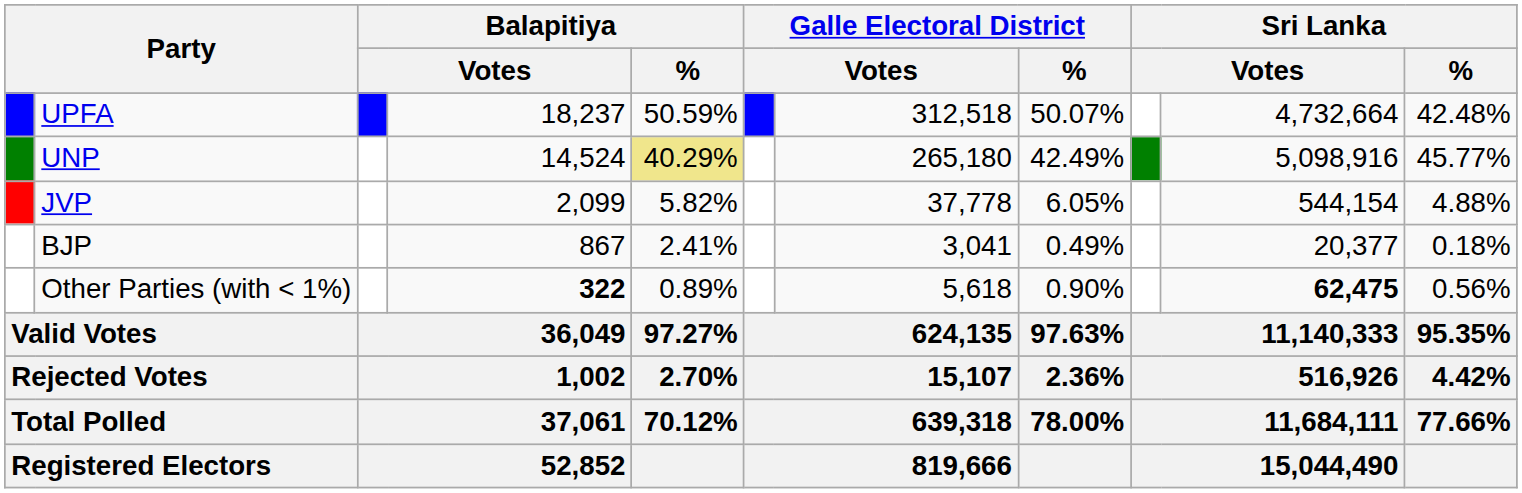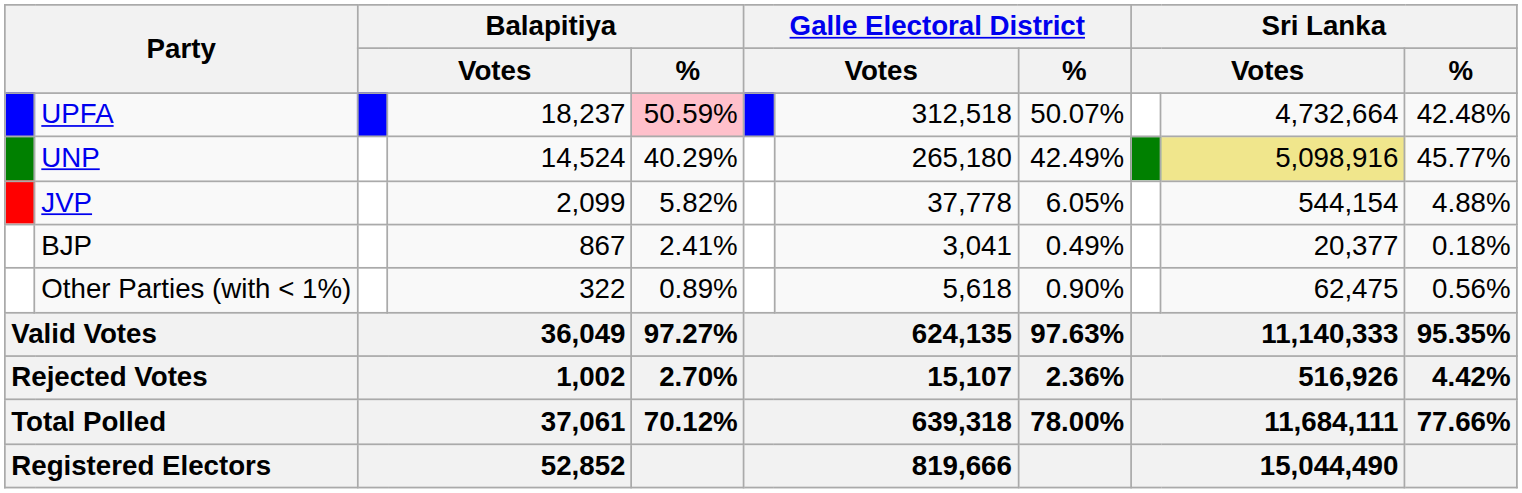 <table class="wikitable">
 <tr>
 <th colspan="2" width="144px"rowspan="2">Party</th>
 <th colspan="3" width="216px">Balapitiya</th>
 <th colspan="3" width="216px"><a href='#'>Galle Electoral District</a></th>
 <th colspan="3" width="216px">Sri Lanka</th>
 </tr>
 <tr>
 <th colspan="2" width="144px">Votes</th>
 <th>%</th>
 <th colspan="2" width="144px">Votes</th>
 <th>%</th>
 <th colspan="2" width="144px">Votes</th>
 <th>%</th>
 </tr>
 <tr>
 <td style="background-color:blue;" width="10px"></td>
 <td style="text-align:left;"><a href='#'>UPFA</a></td>
 <td style="background-color:blue;" width="10px"></td>
 <td style="text-align:right;">18,237</td>
-<td style="text-align:right;">50.59%</td>
+<td style="background: pink; text-align:right;">50.59%</td>
 <td style="background-color:blue;" width="10px"></td>
 <td style="text-align:right;">312,518</td>
 <td style="text-align:right;">50.07%</td>
 <td style="background-color:white;" width="10px"></td>
 <td style="text-align:right;">4,732,664</td>
 <td style="text-align:right;">42.48%</td>
 </tr>
 <tr>
 <td style="background-color:green;" width="10px"></td>
 <td style="text-align:left;"><a href='#'>UNP</a></td>
 <td style="background-color:white;" width="10px"></td>
 <td style="text-align:right;">14,524</td>
-<td style="background: khaki; text-align:right;">40.29%</td>
+<td style="text-align:right;">40.29%</td>
 <td style="background-color:white;" width="10px"></td>
 <td style="text-align:right;">265,180</td>
 <td style="text-align:right;">42.49%</td>
 <td style="background-color:green;" width="10px"></td>
-<td style="text-align:right;">5,098,916</td>
+<td style="background: khaki; text-align:right;">5,098,916</td>
 <td style="text-align:right;">45.77%</td>
 </tr>
 <tr>
 <td style="background-color:red;" width="10px"></td>
 <td style="text-align:left;"><a href='#'>JVP</a></td>
 <td style="background-color:white;" width="10px"></td>
 <td style="text-align:right;">2,099</td>
 <td style="text-align:right;">5.82%</td>
 <td style="background-color:white;" width="10px"></td>
 <td style="text-align:right;">37,778</td>
 <td style="text-align:right;">6.05%</td>
 <td style="background-color:white;" width="10px"></td>
 <td style="text-align:right;">544,154</td>
 <td style="text-align:right;">4.88%</td>
 </tr>
 <tr>
 <td style="background-color:white;" width="10px"></td>
 <td style="text-align:left;">BJP</td>
 <td style="background-color:white;" width="10px"></td>
 <td style="text-align:right;">867</td>
 <td style="text-align:right;">2.41%</td>
 <td style="background-color:white;" width="10px"></td>
 <td style="text-align:right;">3,041</td>
 <td style="text-align:right;">0.49%</td>
 <td style="background-color:white;" width="10px"></td>
 <td style="text-align:right;">20,377</td>
 <td style="text-align:right;">0.18%</td>
 </tr>
 <tr>
 <td style="background-color:white;" width="10px"></td>
 <td style="text-align:left;">Other Parties (with < 1%)</td>
 <td style="background-color:white;" width="10px"></td>
-<td style="text-align:right;"><strong>322</strong></td>
+<td style="text-align:right;">322</td>
 <td style="text-align:right;">0.89%</td>
 <td style="background-color:white;" width="10px"></td>
 <td style="text-align:right;">5,618</td>
 <td style="text-align:right;">0.90%</td>
 <td style="background-color:white;" width="10px"></td>
-<td style="text-align:right;"><strong>62,475</strong></td>
+<td style="text-align:right;">62,475</td>
 <td style="text-align:right;">0.56%</td>
 </tr>
 <tr>
 <th colspan="2" width="144px"style="text-align:left;">Valid Votes</th>
 <th style="text-align:right;"colspan="2" width="144px">36,049</th>
 <th style="text-align:right;">97.27%</th>
 <th style="text-align:right;"colspan="2" width="144px">624,135</th>
 <th style="text-align:right;">97.63%</th>
 <th style="text-align:right;"colspan="2" width="144px">11,140,333</th>
 <th style="text-align:right;">95.35%</th>
 </tr>
 <tr>
 <th colspan="2" width="144px"style="text-align:left;">Rejected Votes</th>
 <th style="text-align:right;"colspan="2" width="144px">1,002</th>
 <th style="text-align:right;">2.70%</th>
 <th style="text-align:right;"colspan="2" width="144px">15,107</th>
 <th style="text-align:right;">2.36%</th>
 <th style="text-align:right;"colspan="2" width="144px">516,926</th>
 <th style="text-align:right;">4.42%</th>
 </tr>
 <tr>
 <th colspan="2" width="144px"style="text-align:left;">Total Polled</th>
 <th style="text-align:right;"colspan="2" width="144px">37,061</th>
 <th style="text-align:right;">70.12%</th>
 <th style="text-align:right;"colspan="2" width="144px">639,318</th>
 <th style="text-align:right;">78.00%</th>
 <th style="text-align:right;"colspan="2" width="144px">11,684,111</th>
 <th style="text-align:right;">77.66%</th>
 </tr>
 <tr>
 <th colspan="2" width="144px"style="text-align:left;">Registered Electors</th>
 <th style="text-align:right;"colspan="2" width="144px">52,852</th>
 <th></th>
 <th style="text-align:right;"colspan="2" width="144px">819,666</th>
 <th></th>
 <th style="text-align:right;"colspan="2" width="144px">15,044,490</th>
 <th></th>
 </tr>
 </table>
